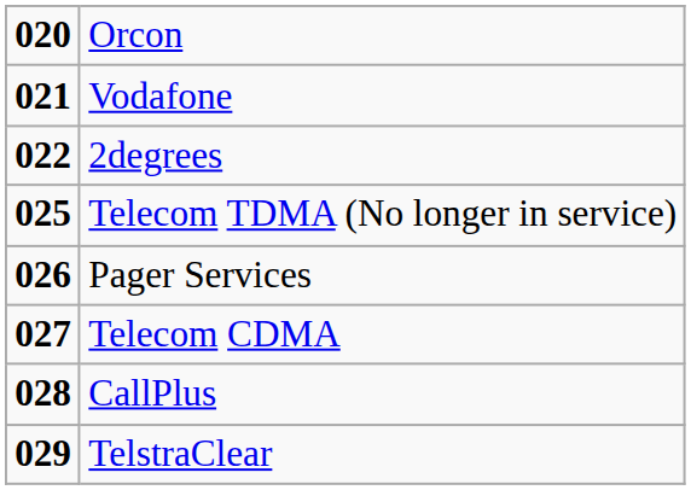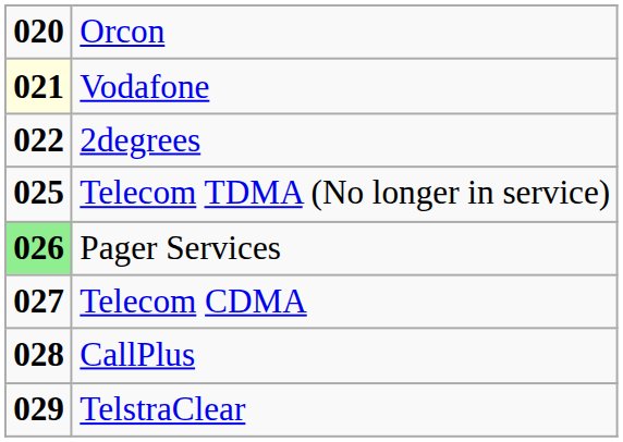 <table class="wikitable">
 <tr>
 <td><strong>020</strong></td>
 <td><a href='#'>Orcon</a></td>
 </tr>
 <tr>
-<td><strong>021</strong></td>
+<td style="background: lightyellow;"><strong>021</strong></td>
 <td><a href='#'>Vodafone</a></td>
 </tr>
 <tr>
 <td><strong>022</strong></td>
 <td><a href='#'>2degrees</a></td>
 </tr>
 <tr>
 <td><strong>025</strong></td>
 <td><a href='#'>Telecom</a> <a href='#'>TDMA</a> (No longer in service)</td>
 </tr>
 <tr>
-<td><strong>026</strong></td>
+<td style="background: lightgreen;"><strong>026</strong></td>
 <td>Pager Services</td>
 </tr>
 <tr>
 <td><strong>027</strong></td>
 <td><a href='#'>Telecom</a> <a href='#'>CDMA</a></td>
 </tr>
 <tr>
 <td><strong>028</strong></td>
 <td><a href='#'>CallPlus</a></td>
 </tr>
 <tr>
 <td><strong>029</strong></td>
 <td><a href='#'>TelstraClear</a></td>
 </tr>
 </table>
